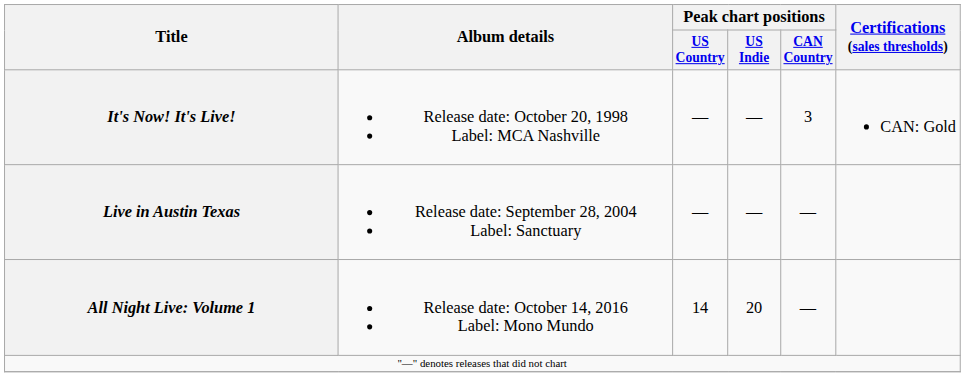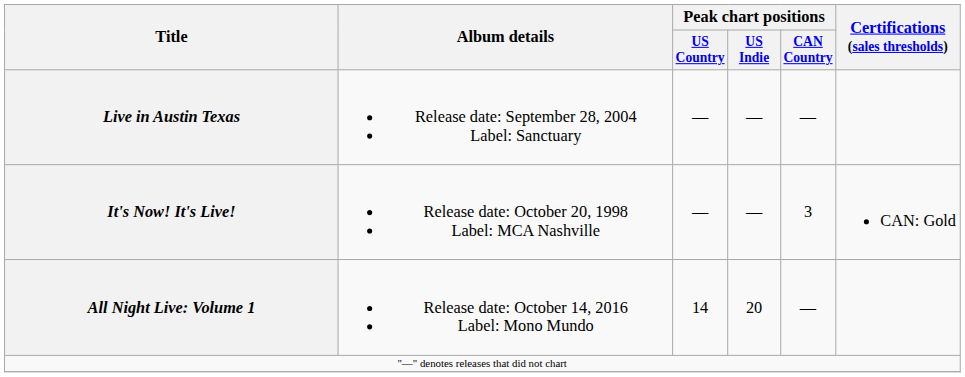 <table class="wikitable plainrowheaders" style="text-align:center;">
 <tr>
 <th rowspan="2" style="width:20em;">Title</th>
 <th rowspan="2" style="width:20em;">Album details</th>
 <th colspan="3">Peak chart positions</th>
 <th rowspan="2"><a href='#'>Certifications</a><br><small>(<a href='#'>sales thresholds</a>)</small></th>
 </tr>
 <tr style="font-size:smaller;">
 <th width="45"><a href='#'>US Country</a><br></th>
 <th width="45"><a href='#'>US Indie</a><br></th>
 <th width="45"><a href='#'>CAN Country</a></th>
 </tr>
 <tr>
+<th scope="row"><em>Live in Austin Texas</em></th>
+<td><br><ul><li>Release date: September 28, 2004</li><li>Label: Sanctuary</li></ul></td>
+<td>—</td>
+<td>—</td>
+<td>—</td>
+<td></td>
+</tr>
+<tr>
 <th scope="row"><em>It's Now! It's Live!</em></th>
 <td><br><ul><li>Release date: October 20, 1998</li><li>Label: MCA Nashville</li></ul></td>
 <td>—</td>
 <td>—</td>
 <td>3</td>
 <td align="left"><br><ul><li>CAN: Gold</li></ul></td>
-</tr>
-<tr>
-<th scope="row"><em>Live in Austin Texas</em></th>
-<td><br><ul><li>Release date: September 28, 2004</li><li>Label: Sanctuary</li></ul></td>
-<td>—</td>
-<td>—</td>
-<td>—</td>
-<td></td>
 </tr>
 <tr>
 <th scope="row"><em>All Night Live: Volume 1</em></th>
 <td><br><ul><li>Release date: October 14, 2016</li><li>Label: Mono Mundo</li></ul></td>
 <td>14</td>
 <td>20</td>
 <td>—</td>
 <td></td>
 </tr>
 <tr>
 <td colspan="6" style="font-size:8pt">"—" denotes releases that did not chart</td>
 </tr>
 <tr>
 </tr>
 </table>
